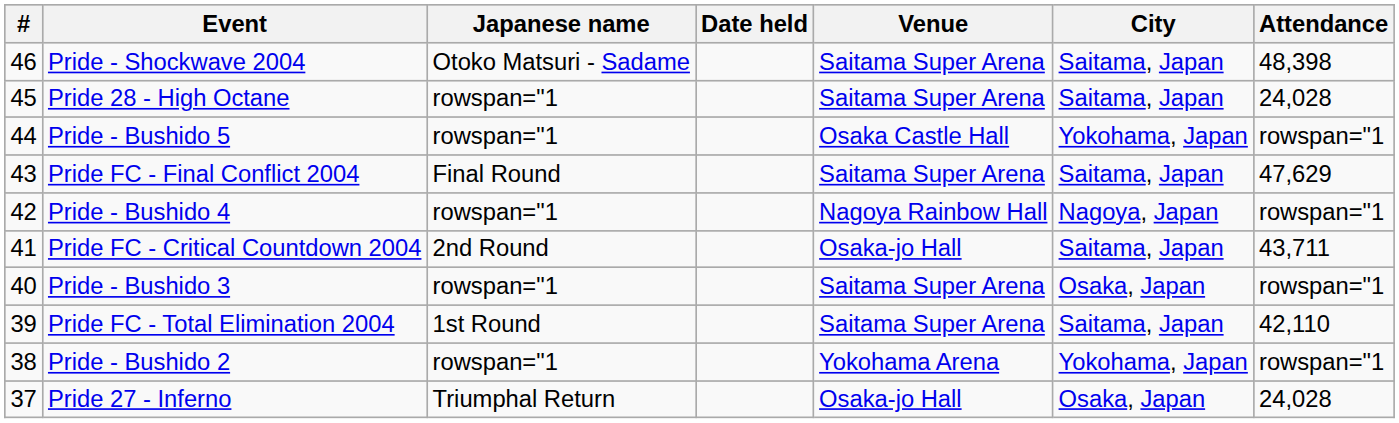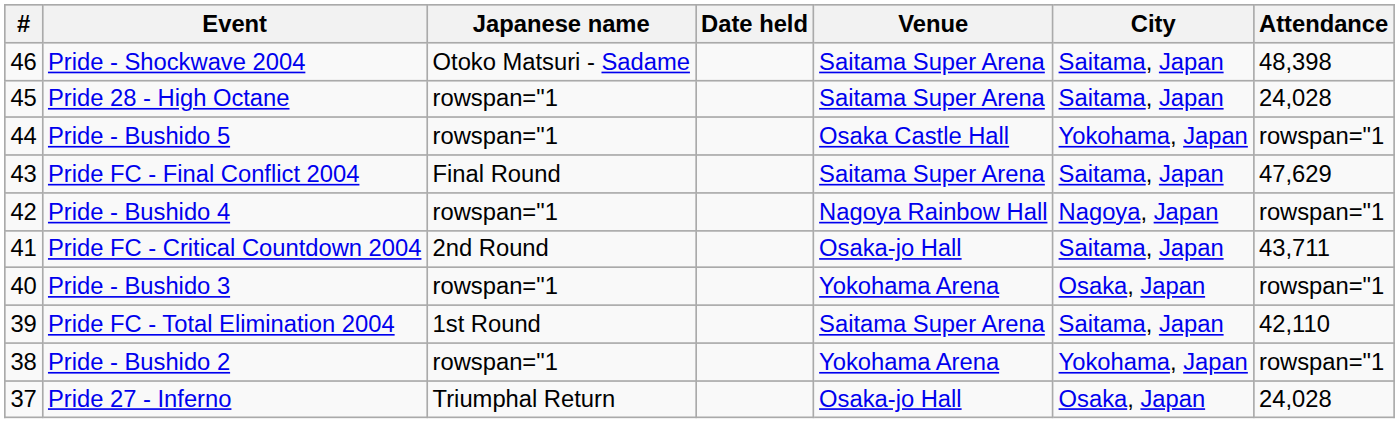 <table class="sortable wikitable succession-box" style="font-size:90%;">
 <tr>
 <th>#</th>
 <th>Event</th>
 <th>Japanese name</th>
 <th>Date held</th>
 <th>Venue</th>
 <th>City</th>
 <th>Attendance</th>
 </tr>
 <tr>
 <td style="text-align:center">46</td>
 <td><a href='#'>Pride - Shockwave 2004</a></td>
 <td>Otoko Matsuri - <a href='#'>Sadame</a></td>
 <td></td>
 <td><a href='#'>Saitama Super Arena</a></td>
 <td><a href='#'>Saitama</a>, <a href='#'>Japan</a></td>
 <td>48,398</td>
 </tr>
 <tr>
 <td style="text-align:center">45</td>
 <td><a href='#'>Pride 28 - High Octane</a></td>
 <td>rowspan="1 </td>
 <td></td>
 <td><a href='#'>Saitama Super Arena</a></td>
 <td><a href='#'>Saitama</a>, <a href='#'>Japan</a></td>
 <td>24,028</td>
 </tr>
 <tr>
 <td style="text-align:center">44</td>
 <td><a href='#'>Pride - Bushido 5</a></td>
 <td>rowspan="1 </td>
 <td></td>
 <td><a href='#'>Osaka Castle Hall</a></td>
 <td><a href='#'>Yokohama</a>, <a href='#'>Japan</a></td>
 <td>rowspan="1 </td>
 </tr>
 <tr>
 <td style="text-align:center">43</td>
 <td><a href='#'>Pride FC - Final Conflict 2004</a></td>
 <td>Final Round</td>
 <td></td>
 <td><a href='#'>Saitama Super Arena</a></td>
 <td><a href='#'>Saitama</a>, <a href='#'>Japan</a></td>
 <td>47,629</td>
 </tr>
 <tr>
 <td style="text-align:center">42</td>
 <td><a href='#'>Pride - Bushido 4</a></td>
 <td>rowspan="1 </td>
 <td></td>
 <td><a href='#'>Nagoya Rainbow Hall</a></td>
 <td><a href='#'>Nagoya</a>, <a href='#'>Japan</a></td>
 <td>rowspan="1 </td>
 </tr>
 <tr>
 <td style="text-align:center">41</td>
 <td><a href='#'>Pride FC - Critical Countdown 2004</a></td>
 <td>2nd Round</td>
 <td></td>
 <td><a href='#'>Osaka-jo Hall</a></td>
 <td><a href='#'>Saitama</a>, <a href='#'>Japan</a></td>
 <td>43,711</td>
 </tr>
 <tr>
 <td style="text-align:center">40</td>
 <td><a href='#'>Pride - Bushido 3</a></td>
 <td>rowspan="1 </td>
 <td></td>
-<td><a href='#'>Saitama Super Arena</a></td>
+<td><a href='#'>Yokohama Arena</a></td>
 <td><a href='#'>Osaka</a>, <a href='#'>Japan</a></td>
 <td>rowspan="1 </td>
 </tr>
 <tr>
 <td style="text-align:center">39</td>
 <td><a href='#'>Pride FC - Total Elimination 2004</a></td>
 <td>1st Round</td>
 <td></td>
 <td><a href='#'>Saitama Super Arena</a></td>
 <td><a href='#'>Saitama</a>, <a href='#'>Japan</a></td>
 <td>42,110</td>
 </tr>
 <tr>
 <td style="text-align:center">38</td>
 <td><a href='#'>Pride - Bushido 2</a></td>
 <td>rowspan="1 </td>
 <td></td>
 <td><a href='#'>Yokohama Arena</a></td>
 <td><a href='#'>Yokohama</a>, <a href='#'>Japan</a></td>
 <td>rowspan="1 </td>
 </tr>
 <tr>
 <td style="text-align:center">37</td>
 <td><a href='#'>Pride 27 - Inferno</a></td>
 <td>Triumphal Return</td>
 <td></td>
 <td><a href='#'>Osaka-jo Hall</a></td>
 <td><a href='#'>Osaka</a>, <a href='#'>Japan</a></td>
 <td>24,028</td>
 </tr>
 </table>
